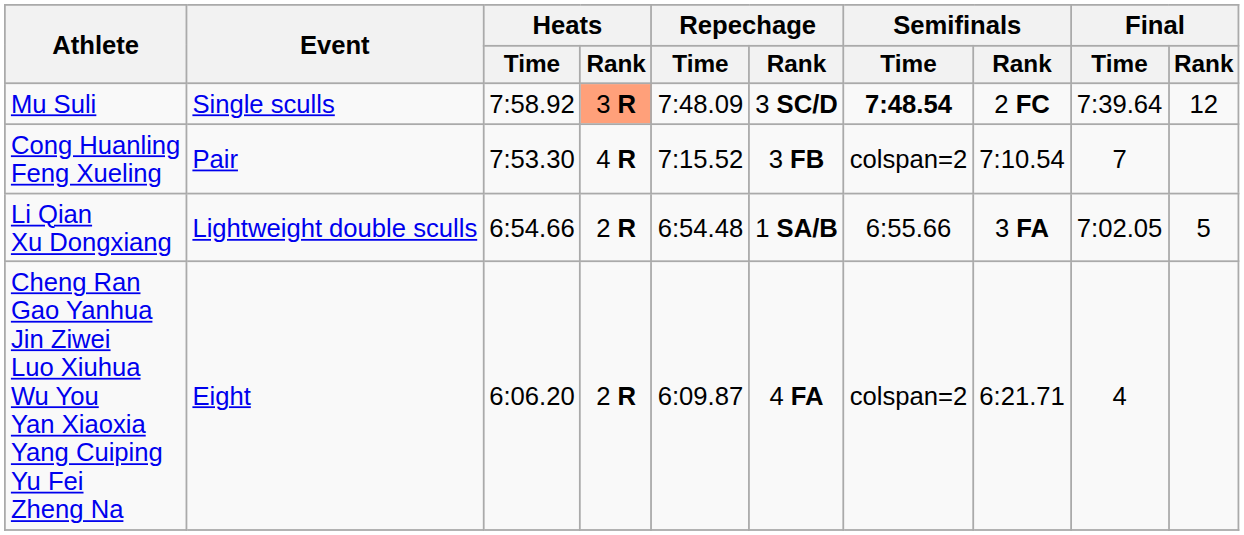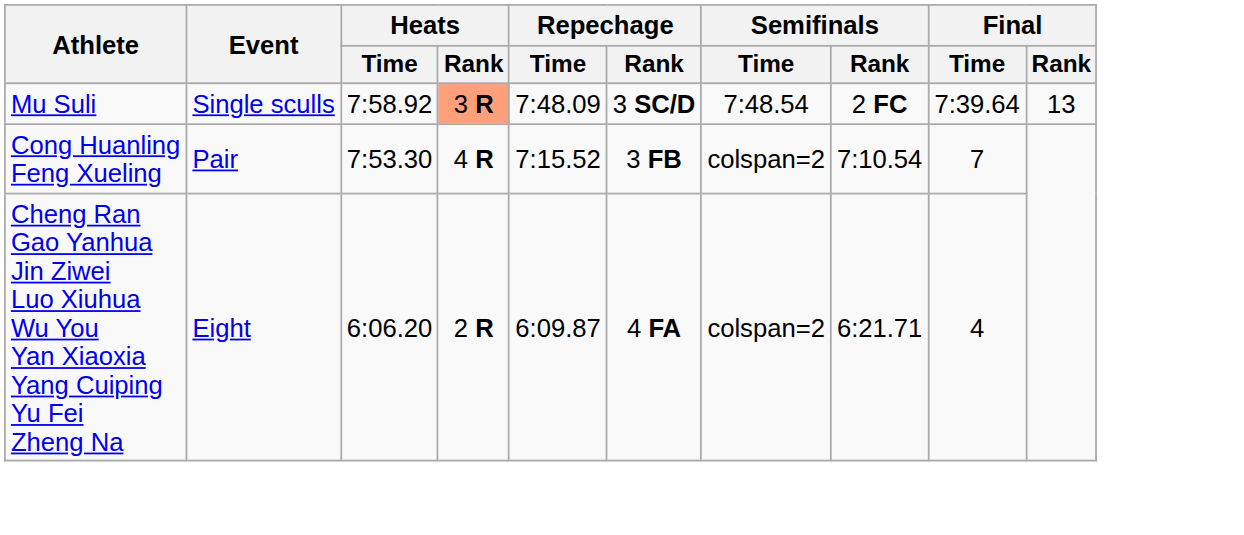 <table class="wikitable" style="font-size:90%;">
 <tr>
 <th rowspan="2">Athlete</th>
 <th rowspan="2">Event</th>
 <th colspan="2">Heats</th>
 <th colspan="2">Repechage</th>
 <th colspan="2">Semifinals</th>
 <th colspan="2">Final</th>
 </tr>
 <tr style="font-size:95%">
 <th>Time</th>
 <th>Rank</th>
 <th>Time</th>
 <th>Rank</th>
 <th>Time</th>
 <th>Rank</th>
 <th>Time</th>
 <th>Rank</th>
 </tr>
 <tr align=center>
 <td align=left><a href='#'>Mu Suli</a></td>
 <td align=left><a href='#'>Single sculls</a></td>
 <td>7:58.92</td>
 <td style="background: lightsalmon;">3 <strong>R</strong></td>
 <td>7:48.09</td>
 <td>3 <strong>SC/D</strong></td>
-<td><strong>7:48.54</strong></td>
+<td>7:48.54</td>
 <td>2 <strong>FC</strong></td>
 <td>7:39.64</td>
-<td>12</td>
+<td>13</td>
 </tr>
 <tr align=center>
 <td align=left><a href='#'>Cong Huanling</a><br><a href='#'>Feng Xueling</a></td>
 <td align=left><a href='#'>Pair</a></td>
 <td>7:53.30</td>
 <td>4 <strong>R</strong></td>
 <td>7:15.52</td>
 <td>3 <strong>FB</strong></td>
 <td>colspan=2 </td>
 <td>7:10.54</td>
 <td>7</td>
 </tr>
 <tr align=center>
-<td align=left><a href='#'>Li Qian</a><br><a href='#'>Xu Dongxiang</a></td>
-<td align=left><a href='#'>Lightweight double sculls</a></td>
-<td>6:54.66</td>
-<td>2 <strong>R</strong></td>
-<td>6:54.48</td>
-<td>1 <strong>SA/B</strong></td>
-<td>6:55.66</td>
-<td>3 <strong>FA</strong></td>
-<td>7:02.05</td>
-<td>5</td>
-</tr>
-<tr align=center>
 <td align=left><a href='#'>Cheng Ran</a><br><a href='#'>Gao Yanhua</a><br><a href='#'>Jin Ziwei</a><br><a href='#'>Luo Xiuhua</a><br><a href='#'>Wu You</a><br><a href='#'>Yan Xiaoxia</a><br><a href='#'>Yang Cuiping</a><br><a href='#'>Yu Fei</a><br><a href='#'>Zheng Na</a></td>
 <td align=left><a href='#'>Eight</a></td>
 <td>6:06.20</td>
 <td>2 <strong>R</strong></td>
 <td>6:09.87</td>
 <td>4 <strong>FA</strong></td>
 <td>colspan=2 </td>
 <td>6:21.71</td>
 <td>4</td>
 </tr>
 </table>
